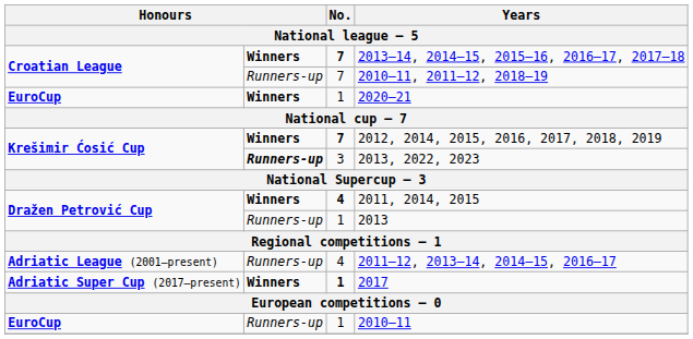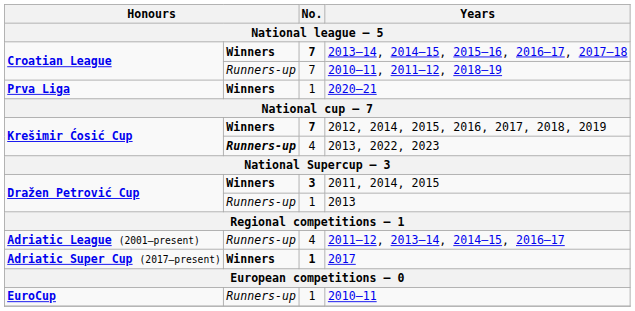 <table class="wikitable">
 <tr>
 <th colspan=2>Honours</th>
 <th>No.</th>
 <th>Years</th>
 </tr>
 <tr>
 <th colspan=6>National league – 5</th>
 </tr>
 <tr>
 <td rowspan=2><strong><a href='#'>Croatian League</a></strong></td>
 <td><strong>Winners</strong></td>
 <td align=center><strong>7</strong></td>
 <td><a href='#'>2013–14</a>, <a href='#'>2014–15</a>, <a href='#'>2015–16</a>, <a href='#'>2016–17</a>, <a href='#'>2017–18</a></td>
 </tr>
 <tr>
 <td><em>Runners-up</em></td>
 <td align=center>7</td>
 <td><a href='#'>2010–11</a>, <a href='#'>2011–12</a>, <a href='#'>2018–19</a></td>
 </tr>
 <tr>
-<td><strong><a href='#'>EuroCup</a></strong></td>
+<td><strong><a href='#'>Prva Liga</a></strong></td>
 <td><strong>Winners</strong></td>
 <td align=center>1</td>
 <td><a href='#'>2020–21</a></td>
 </tr>
 <tr>
 <th colspan=6>National cup – 7</th>
 </tr>
 <tr>
 <td rowspan=2><strong><a href='#'>Krešimir Ćosić Cup</a></strong></td>
 <td><strong>Winners</strong></td>
 <td align=center><strong>7</strong></td>
 <td>2012, 2014, 2015, 2016, 2017, 2018, 2019</td>
 </tr>
 <tr>
 <td><strong><em>Runners-up</em></strong></td>
-<td align=center>3</td>
+<td align=center>4</td>
 <td>2013, 2022, 2023</td>
 </tr>
 <tr>
 <th colspan=6>National Supercup – 3</th>
 </tr>
 <tr>
 <td rowspan=2><strong><a href='#'>Dražen Petrović Cup</a></strong></td>
 <td><strong>Winners</strong></td>
-<td align=center><strong>4</strong></td>
+<td align=center><strong>3</strong></td>
 <td>2011, 2014, 2015</td>
 </tr>
 <tr>
 <td><em>Runners-up</em></td>
 <td align=center>1</td>
 <td>2013</td>
 </tr>
 <tr>
 <th colspan=6>Regional competitions – 1</th>
 </tr>
 <tr>
 <td><strong><a href='#'>Adriatic League</a></strong> <small>(2001–present)</small></td>
 <td><em>Runners-up</em></td>
 <td align=center>4</td>
 <td><a href='#'>2011–12</a>, <a href='#'>2013–14</a>, <a href='#'>2014–15</a>, <a href='#'>2016–17</a></td>
 </tr>
 <tr>
 <td><strong><a href='#'>Adriatic Super Cup</a></strong> <small>(2017–present)</small></td>
 <td><strong>Winners</strong></td>
 <td align=center><strong>1</strong></td>
 <td><a href='#'>2017</a></td>
 </tr>
 <tr>
 <th colspan=6>European competitions – 0</th>
 </tr>
 <tr>
 <td><strong><a href='#'>EuroCup</a></strong></td>
 <td><em>Runners-up</em></td>
 <td align=center>1</td>
 <td><a href='#'>2010–11</a></td>
 </tr>
 <tr>
 </tr>
 </table>
